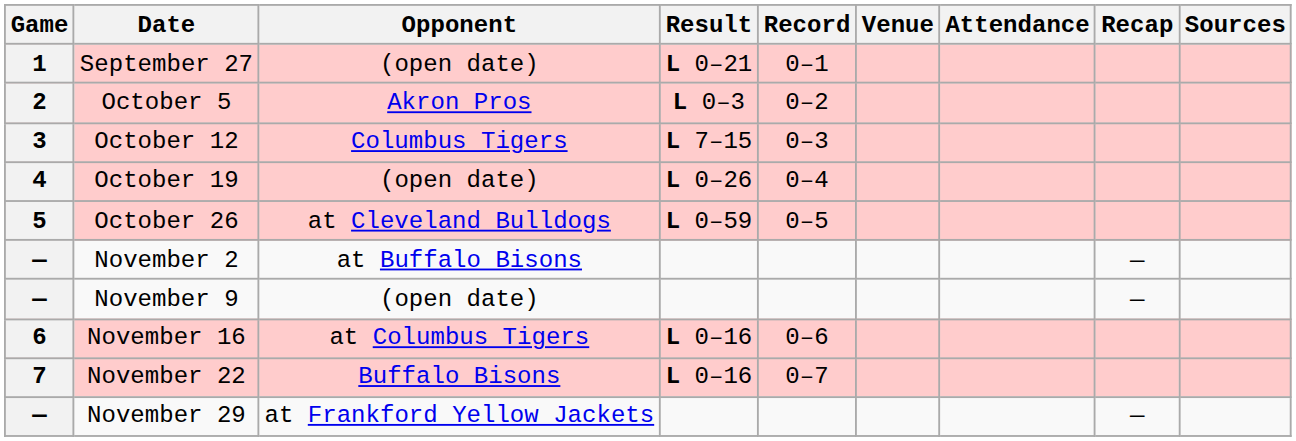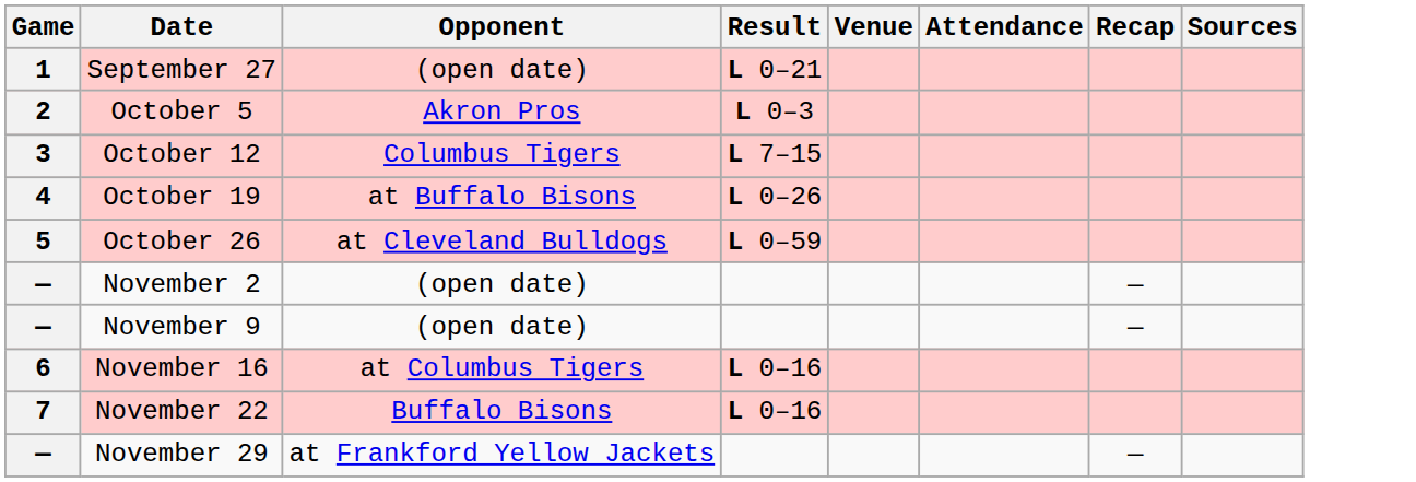 <table class="wikitable" style="text-align:center">
 <tr>
 <th>Game</th>
 <th>Date</th>
 <th>Opponent</th>
 <th>Result</th>
-<th>Record</th>
 <th>Venue</th>
 <th>Attendance</th>
 <th>Recap</th>
 <th>Sources</th>
 </tr>
 <tr style="background:#fcc">
 <th>1</th>
 <td>September 27</td>
 <td>(open date)</td>
 <td><strong>L</strong> 0–21</td>
-<td>0–1</td>
 <td></td>
 <td></td>
 <td></td>
 <td></td>
 </tr>
 <tr style="background:#fcc">
 <th>2</th>
 <td>October 5</td>
 <td><a href='#'>Akron Pros</a></td>
 <td><strong>L</strong> 0–3</td>
-<td>0–2</td>
 <td></td>
 <td></td>
 <td></td>
 <td></td>
 </tr>
 <tr style="background:#fcc">
 <th>3</th>
 <td>October 12</td>
 <td><a href='#'>Columbus Tigers</a></td>
 <td><strong>L</strong> 7–15</td>
-<td>0–3</td>
 <td></td>
 <td></td>
 <td></td>
 <td></td>
 </tr>
 <tr style="background:#fcc">
 <th>4</th>
 <td>October 19</td>
-<td>(open date)</td>
+<td>at <a href='#'>Buffalo Bisons</a></td>
 <td><strong>L</strong> 0–26</td>
-<td>0–4</td>
 <td></td>
 <td></td>
 <td></td>
 <td></td>
 </tr>
 <tr style="background:#fcc">
 <th>5</th>
 <td>October 26</td>
 <td>at <a href='#'>Cleveland Bulldogs</a></td>
 <td><strong>L</strong> 0–59</td>
-<td>0–5</td>
 <td></td>
 <td></td>
 <td></td>
 <td></td>
 </tr>
 <tr>
 <th>—</th>
 <td>November 2</td>
-<td>at <a href='#'>Buffalo Bisons</a></td>
-<td></td>
+<td>(open date)</td>
 <td></td>
 <td></td>
 <td></td>
 <td>—</td>
 <td></td>
 </tr>
 <tr>
 <th>—</th>
 <td>November 9</td>
 <td>(open date)</td>
 <td></td>
 <td></td>
 <td></td>
-<td></td>
 <td>—</td>
 <td></td>
 </tr>
 <tr style="background:#fcc">
 <th>6</th>
 <td>November 16</td>
 <td>at <a href='#'>Columbus Tigers</a></td>
 <td><strong>L</strong> 0–16</td>
-<td>0–6</td>
 <td></td>
 <td></td>
 <td></td>
 <td></td>
 </tr>
 <tr style="background:#fcc">
 <th>7</th>
 <td>November 22</td>
 <td><a href='#'>Buffalo Bisons</a></td>
 <td><strong>L</strong> 0–16</td>
-<td>0–7</td>
 <td></td>
 <td></td>
 <td></td>
 <td></td>
 </tr>
 <tr>
 <th>—</th>
 <td>November 29</td>
 <td>at <a href='#'>Frankford Yellow Jackets</a></td>
 <td></td>
 <td></td>
 <td></td>
-<td></td>
 <td>—</td>
 <td></td>
 </tr>
 </table>
